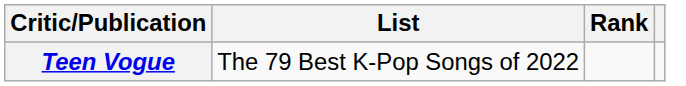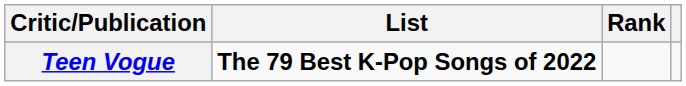 <table class="wikitable plainrowheaders">
 <tr>
 <th scope="col">Critic/Publication</th>
 <th scope="col">List</th>
 <th scope="col">Rank</th>
 <th scope="col"></th>
 </tr>
 <tr>
 <th scope="row" rowspan="2"><em><a href='#'>Teen Vogue</a></em></th>
-<td>The 79 Best K-Pop Songs of 2022</td>
+<td><strong>The 79 Best K-Pop Songs of 2022</strong></td>
 <td></td>
 <td align="center"></td>
 </tr>
 </table>
